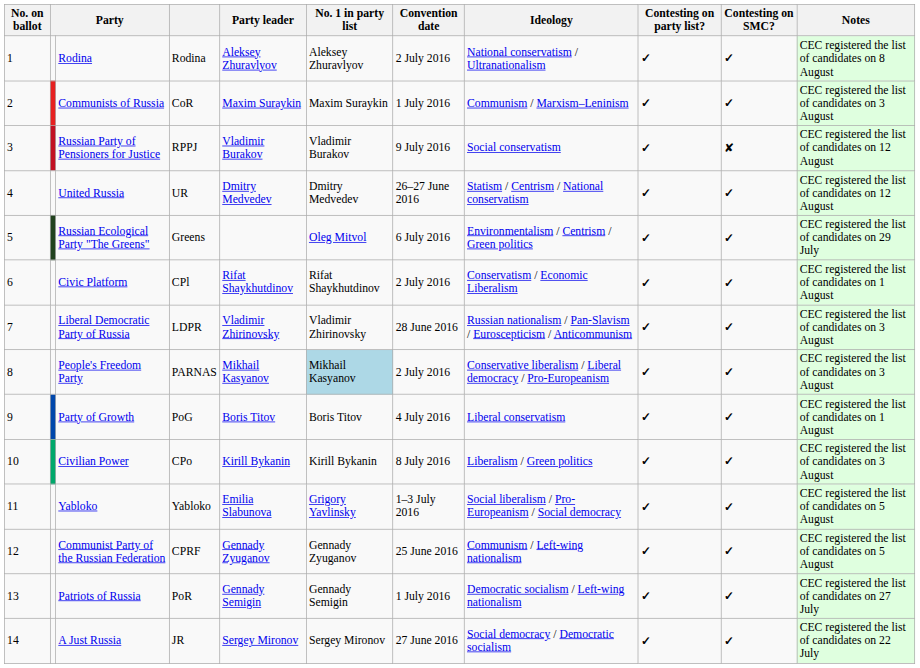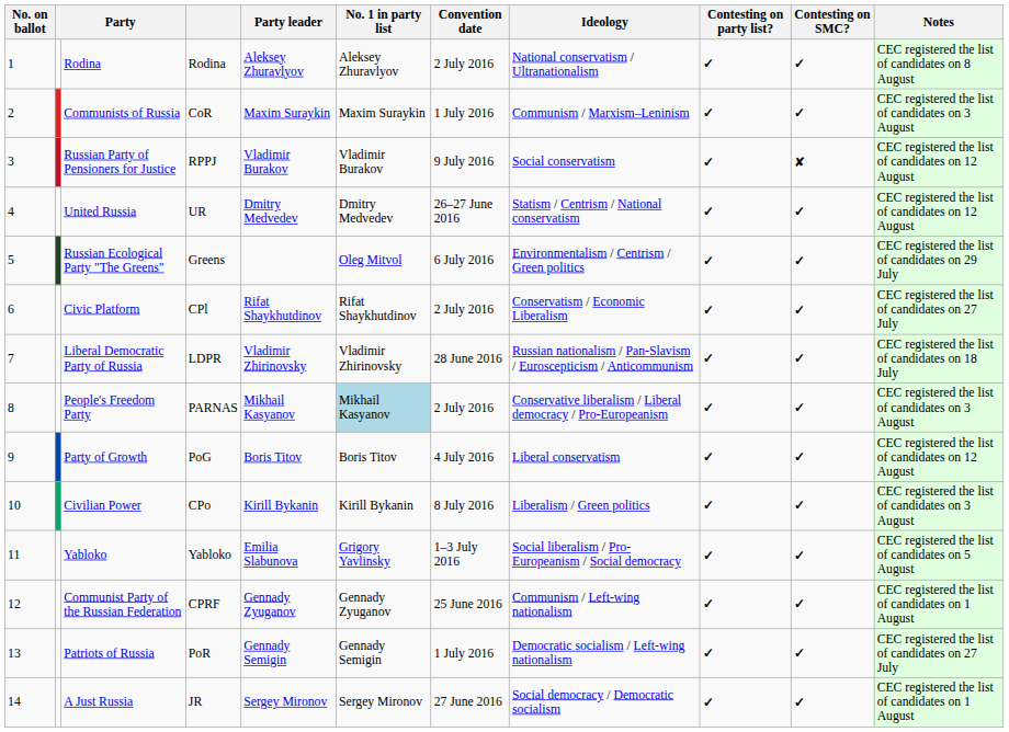 <table class=wikitable>
 <tr>
 <th>No. on ballot</th>
 <th colspan=2>Party</th>
 <th></th>
 <th>Party leader</th>
 <th>No. 1 in party list</th>
 <th>Convention date</th>
 <th>Ideology</th>
 <th>Contesting on party list?</th>
 <th>Contesting on SMC?</th>
 <th>Notes</th>
 </tr>
 <tr>
 <td>1</td>
 <td style="background:"></td>
 <td><a href='#'>Rodina</a></td>
 <td>Rodina</td>
 <td><a href='#'>Aleksey Zhuravlyov</a></td>
 <td>Aleksey Zhuravlyov</td>
 <td>2 July 2016</td>
 <td><a href='#'>National conservatism</a> / <a href='#'>Ultranationalism</a></td>
 <td><strong>✓</strong></td>
 <td><strong>✓</strong></td>
 <td style="background:#dfffdf;">CEC registered the list of candidates on 8 August</td>
 </tr>
 <tr>
 <td>2</td>
 <td style="background: #E62020;"></td>
 <td><a href='#'>Communists of Russia</a></td>
 <td>CoR</td>
 <td><a href='#'>Maxim Suraykin</a></td>
 <td>Maxim Suraykin</td>
 <td>1 July 2016</td>
 <td><a href='#'>Communism</a> / <a href='#'>Marxism–Leninism</a></td>
 <td><strong>✓</strong></td>
 <td><strong>✓</strong></td>
 <td style="background:#dfffdf;">CEC registered the list of candidates on 3 August</td>
 </tr>
 <tr>
 <td>3</td>
 <td style="background: #C21022;"></td>
 <td><a href='#'>Russian Party of Pensioners for Justice</a></td>
 <td>RPPJ</td>
 <td><a href='#'>Vladimir Burakov</a></td>
 <td>Vladimir Burakov</td>
 <td>9 July 2016</td>
 <td><a href='#'>Social conservatism</a></td>
 <td><strong>✓</strong></td>
 <td>✘</td>
 <td style="background:#dfffdf;">CEC registered the list of candidates on 12 August</td>
 </tr>
 <tr>
 <td>4</td>
 <td style="background: "></td>
 <td><a href='#'>United Russia</a></td>
 <td>UR</td>
 <td><a href='#'>Dmitry Medvedev</a></td>
 <td>Dmitry Medvedev</td>
 <td>26–27 June 2016</td>
 <td><a href='#'>Statism</a> / <a href='#'>Centrism</a> / <a href='#'>National conservatism</a></td>
 <td><strong>✓</strong></td>
 <td><strong>✓</strong></td>
 <td style="background:#dfffdf;">CEC registered the list of candidates on 12 August</td>
 </tr>
 <tr>
 <td>5</td>
 <td style="background: #21421E;"></td>
 <td><a href='#'>Russian Ecological Party "The Greens"</a></td>
 <td>Greens</td>
 <td></td>
 <td><a href='#'>Oleg Mitvol</a></td>
 <td>6 July 2016</td>
 <td><a href='#'>Environmentalism</a> / <a href='#'>Centrism</a> / <a href='#'>Green politics</a></td>
 <td><strong>✓</strong></td>
 <td><strong>✓</strong></td>
 <td style="background:#dfffdf;">CEC registered the list of candidates on 29 July</td>
 </tr>
 <tr>
 <td>6</td>
 <td bgcolor=></td>
 <td><a href='#'>Civic Platform</a></td>
 <td>CPl</td>
 <td><a href='#'>Rifat Shaykhutdinov</a></td>
 <td>Rifat Shaykhutdinov</td>
 <td>2 July 2016</td>
 <td><a href='#'>Conservatism</a> / <a href='#'>Economic Liberalism</a></td>
 <td><strong>✓</strong></td>
 <td><strong>✓</strong></td>
-<td style="background:#dfffdf;">CEC registered the list of candidates on 1 August</td>
+<td style="background:#dfffdf;">CEC registered the list of candidates on 27 July</td>
 </tr>
 <tr>
 <td>7</td>
 <td style="background: "></td>
 <td><a href='#'>Liberal Democratic Party of Russia</a></td>
 <td>LDPR</td>
 <td><a href='#'>Vladimir Zhirinovsky</a></td>
 <td>Vladimir Zhirinovsky</td>
 <td>28 June 2016</td>
 <td><a href='#'>Russian nationalism</a> / <a href='#'>Pan-Slavism</a> / <a href='#'>Euroscepticism</a> / <a href='#'>Anticommunism</a></td>
 <td><strong>✓</strong></td>
 <td><strong>✓</strong></td>
-<td style="background:#dfffdf;">CEC registered the list of candidates on 3 August</td>
+<td style="background:#dfffdf;">CEC registered the list of candidates on 18 July</td>
 </tr>
 <tr>
 <td>8</td>
 <td style="background: "></td>
 <td><a href='#'>People's Freedom Party</a></td>
 <td>PARNAS</td>
 <td><a href='#'>Mikhail Kasyanov</a></td>
 <td style="background: lightblue;">Mikhail Kasyanov</td>
 <td>2 July 2016</td>
 <td><a href='#'>Conservative liberalism</a> / <a href='#'>Liberal democracy</a> / <a href='#'>Pro-Europeanism</a></td>
 <td><strong>✓</strong></td>
 <td><strong>✓</strong></td>
 <td style="background:#dfffdf;">CEC registered the list of candidates on 3 August</td>
 </tr>
 <tr>
 <td>9</td>
 <td style="background: #0047AB;"></td>
 <td><a href='#'>Party of Growth</a></td>
 <td>PoG</td>
 <td><a href='#'>Boris Titov</a></td>
 <td>Boris Titov</td>
 <td>4 July 2016</td>
 <td><a href='#'>Liberal conservatism</a></td>
 <td><strong>✓</strong></td>
 <td><strong>✓</strong></td>
-<td style="background:#dfffdf;">CEC registered the list of candidates on 1 August</td>
+<td style="background:#dfffdf;">CEC registered the list of candidates on 12 August</td>
 </tr>
 <tr>
 <td>10</td>
 <td style="background: #00A86B;"></td>
 <td><a href='#'>Civilian Power</a></td>
 <td>CPo</td>
 <td><a href='#'>Kirill Bykanin</a></td>
 <td>Kirill Bykanin</td>
 <td>8 July 2016</td>
 <td><a href='#'>Liberalism</a> / <a href='#'>Green politics</a></td>
 <td><strong>✓</strong></td>
 <td><strong>✓</strong></td>
 <td style="background:#dfffdf;">CEC registered the list of candidates on 3 August</td>
 </tr>
 <tr>
 <td>11</td>
 <td style="background: "></td>
 <td><a href='#'>Yabloko</a></td>
 <td>Yabloko</td>
 <td><a href='#'>Emilia Slabunova</a></td>
 <td><a href='#'>Grigory Yavlinsky</a></td>
 <td>1–3 July 2016</td>
 <td><a href='#'>Social liberalism</a> / <a href='#'>Pro-Europeanism</a> / <a href='#'>Social democracy</a></td>
 <td><strong>✓</strong></td>
 <td><strong>✓</strong></td>
 <td style="background:#dfffdf;">CEC registered the list of candidates on 5 August</td>
 </tr>
 <tr>
 <td>12</td>
 <td style="background: "></td>
 <td><a href='#'>Communist Party of the Russian Federation</a></td>
 <td>CPRF</td>
 <td><a href='#'>Gennady Zyuganov</a></td>
 <td>Gennady Zyuganov</td>
 <td>25 June 2016</td>
 <td><a href='#'>Communism</a> / <a href='#'>Left-wing nationalism</a></td>
 <td><strong>✓</strong></td>
 <td><strong>✓</strong></td>
-<td style="background:#dfffdf;">CEC registered the list of candidates on 5 August</td>
+<td style="background:#dfffdf;">CEC registered the list of candidates on 1 August</td>
 </tr>
 <tr>
 <td>13</td>
 <td style="background: "></td>
 <td><a href='#'>Patriots of Russia</a></td>
 <td>PoR</td>
 <td><a href='#'>Gennady Semigin</a></td>
 <td>Gennady Semigin</td>
 <td>1 July 2016</td>
 <td><a href='#'>Democratic socialism</a> / <a href='#'>Left-wing nationalism</a></td>
 <td><strong>✓</strong></td>
 <td><strong>✓</strong></td>
 <td style="background:#dfffdf;">CEC registered the list of candidates on 27 July</td>
 </tr>
 <tr>
 <td>14</td>
 <td style="background: "></td>
 <td><a href='#'>A Just Russia</a></td>
 <td>JR</td>
 <td><a href='#'>Sergey Mironov</a></td>
 <td>Sergey Mironov</td>
 <td>27 June 2016</td>
 <td><a href='#'>Social democracy</a> / <a href='#'>Democratic socialism</a></td>
 <td><strong>✓</strong></td>
 <td><strong>✓</strong></td>
-<td style="background:#dfffdf;">CEC registered the list of candidates on 22 July</td>
+<td style="background:#dfffdf;">CEC registered the list of candidates on 1 August</td>
 </tr>
 </table>
